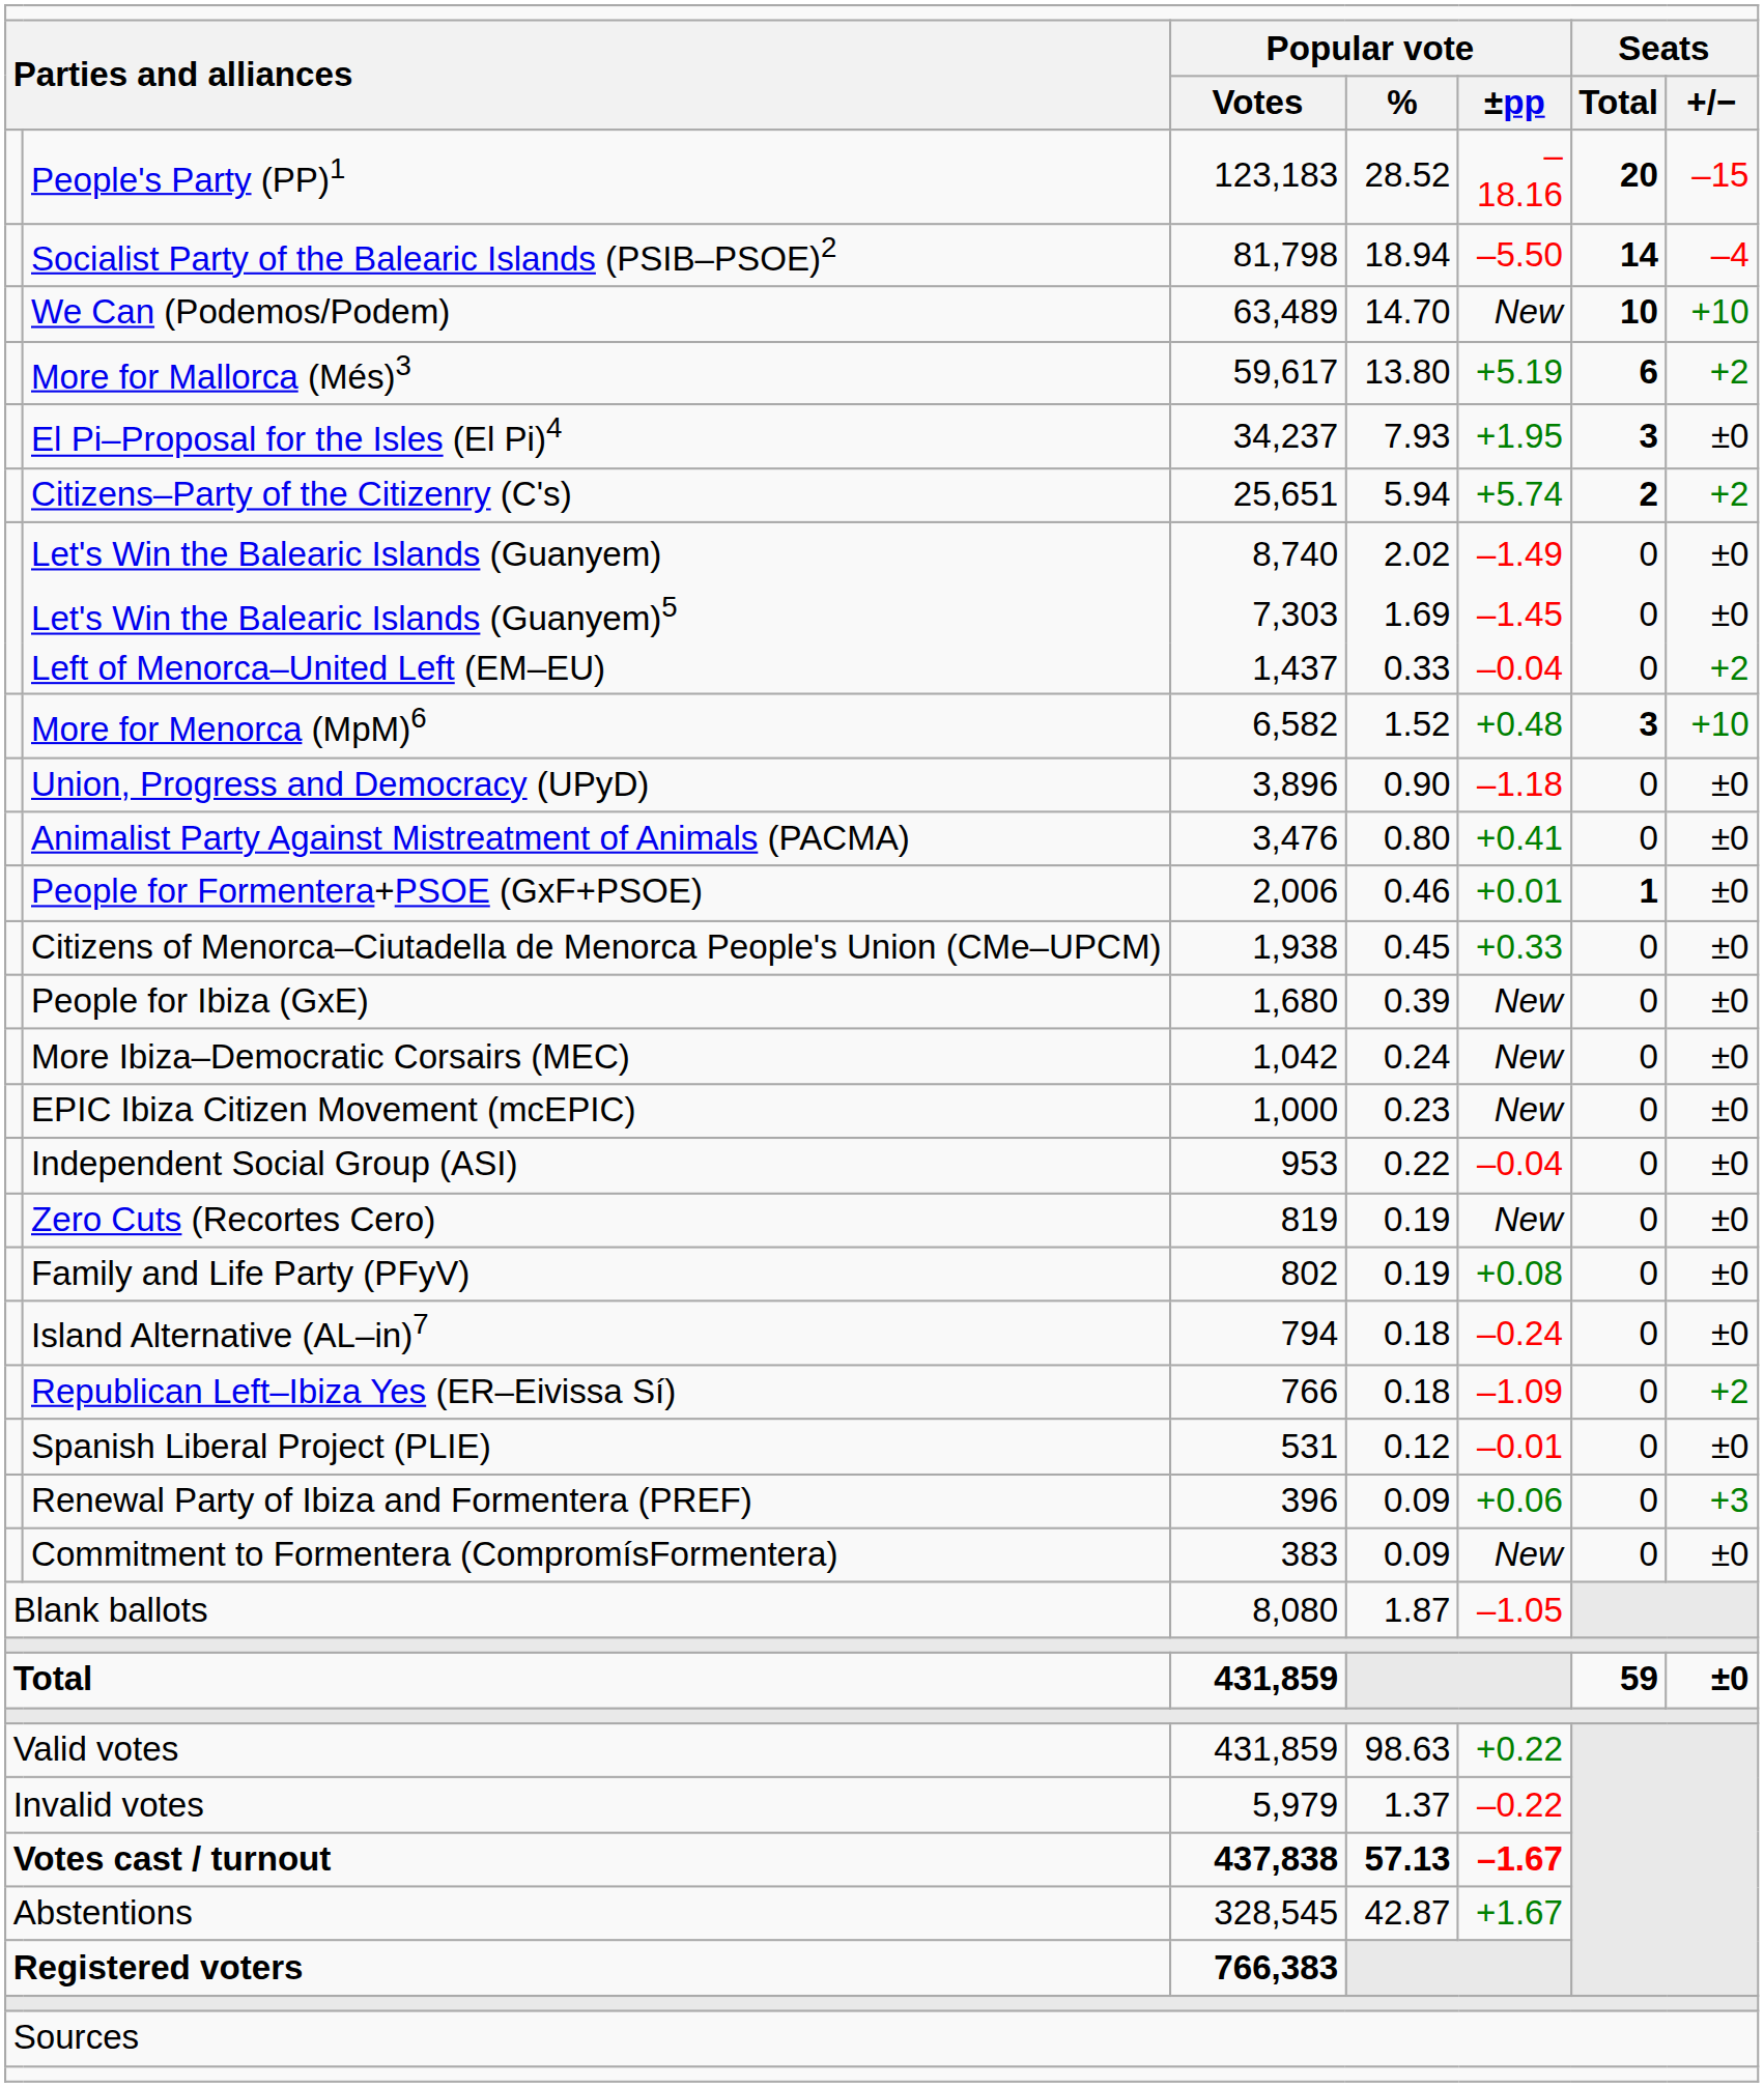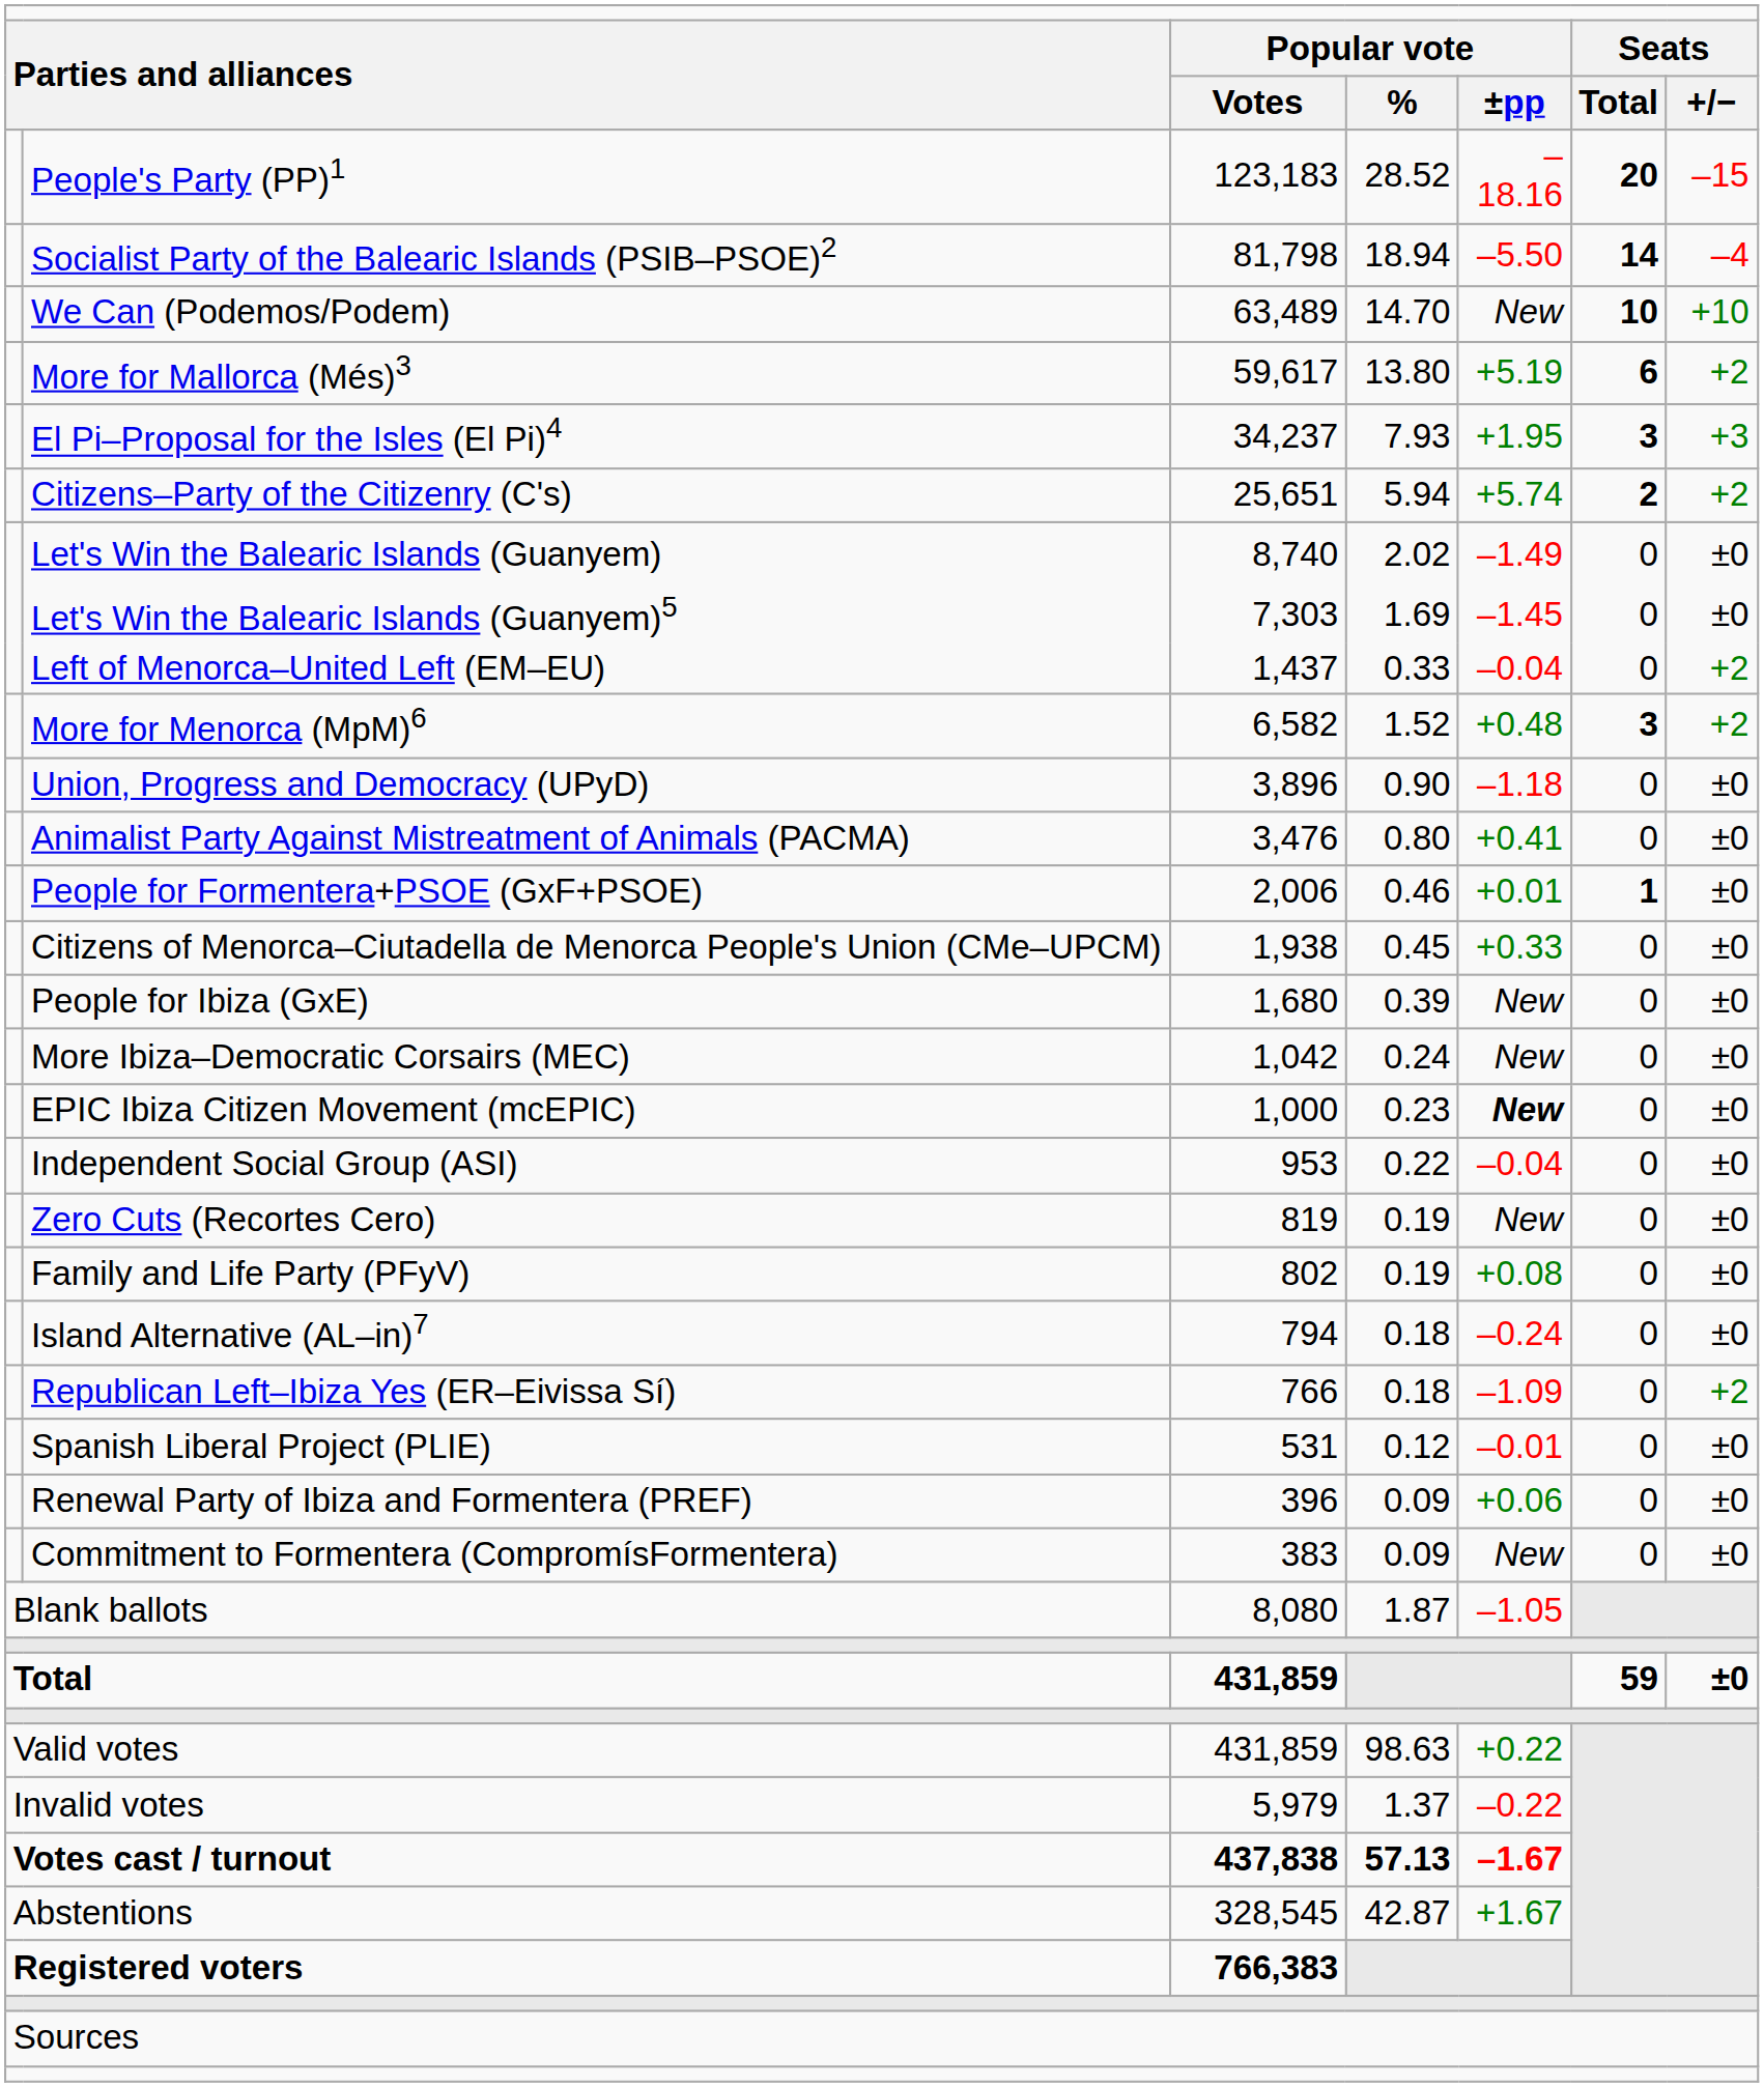 <table class="wikitable" style="text-align:right;">
 <tr>
 <td colspan="7"></td>
 </tr>
 <tr>
 <th style="text-align:left;" rowspan="2" colspan="2" width="525">Parties and alliances</th>
 <th colspan="3">Popular vote</th>
 <th colspan="2">Seats</th>
 </tr>
 <tr>
 <th width="75">Votes</th>
 <th width="45">%</th>
 <th width="45">±<a href='#'>pp</a></th>
 <th width="35">Total</th>
 <th width="35">+/−</th>
 </tr>
 <tr>
 <td width="1" style="color:inherit;background:"></td>
 <td align="left"><a href='#'>People's Party</a> (PP)<sup>1</sup></td>
 <td>123,183</td>
 <td>28.52</td>
 <td style="color:red;">–18.16</td>
 <td><strong>20</strong></td>
 <td style="color:red;">–15</td>
 </tr>
 <tr>
 <td style="color:inherit;background:"></td>
 <td align="left"><a href='#'>Socialist Party of the Balearic Islands</a> (PSIB–PSOE)<sup>2</sup></td>
 <td>81,798</td>
 <td>18.94</td>
 <td style="color:red;">–5.50</td>
 <td><strong>14</strong></td>
 <td style="color:red;">–4</td>
 </tr>
 <tr>
 <td style="color:inherit;background:"></td>
 <td align="left"><a href='#'>We Can</a> (Podemos/Podem)</td>
 <td>63,489</td>
 <td>14.70</td>
 <td><em>New</em></td>
 <td><strong>10</strong></td>
 <td style="color:green;">+10</td>
 </tr>
 <tr>
 <td style="color:inherit;background:"></td>
 <td align="left"><a href='#'>More for Mallorca</a> (Més)<sup>3</sup></td>
 <td>59,617</td>
 <td>13.80</td>
 <td style="color:green;">+5.19</td>
 <td><strong>6</strong></td>
 <td style="color:green;">+2</td>
 </tr>
 <tr>
 <td style="color:inherit;background:"></td>
 <td align="left"><a href='#'>El Pi–Proposal for the Isles</a> (El Pi)<sup>4</sup></td>
 <td>34,237</td>
 <td>7.93</td>
 <td style="color:green;">+1.95</td>
 <td><strong>3</strong></td>
-<td>±0</td>
+<td style="color:green;">+3</td>
 </tr>
 <tr>
 <td style="color:inherit;background:"></td>
 <td align="left"><a href='#'>Citizens–Party of the Citizenry</a> (C's)</td>
 <td>25,651</td>
 <td>5.94</td>
 <td style="color:green;">+5.74</td>
 <td><strong>2</strong></td>
 <td style="color:green;">+2</td>
 </tr>
 <tr style="line-height:22px;">
 <td rowspan="3" style="color:inherit;background:"></td>
 <td align="left"><a href='#'>Let's Win the Balearic Islands</a> (Guanyem)</td>
 <td>8,740</td>
 <td>2.02</td>
 <td style="color:red;">–1.49</td>
 <td>0</td>
 <td>±0</td>
 </tr>
 <tr style="border-bottom-style:hidden; border-top-style:hidden; line-height:16px;">
 <td align="left"><span><a href='#'>Let's Win the Balearic Islands</a> (Guanyem)<sup>5</sup></span></td>
 <td>7,303</td>
 <td>1.69</td>
 <td style="color:red;">–1.45</td>
 <td>0</td>
 <td>±0</td>
 </tr>
 <tr style="line-height:16px;">
 <td align="left"><span><a href='#'>Left of Menorca–United Left</a> (EM–EU)</span></td>
 <td>1,437</td>
 <td>0.33</td>
 <td style="color:red;">–0.04</td>
 <td>0</td>
 <td style="color:green;">+2</td>
 </tr>
 <tr>
 <td style="color:inherit;background:"></td>
 <td align="left"><a href='#'>More for Menorca</a> (MpM)<sup>6</sup></td>
 <td>6,582</td>
 <td>1.52</td>
 <td style="color:green;">+0.48</td>
 <td><strong>3</strong></td>
-<td style="color:green;">+10</td>
+<td style="color:green;">+2</td>
 </tr>
 <tr>
 <td style="color:inherit;background:"></td>
 <td align="left"><a href='#'>Union, Progress and Democracy</a> (UPyD)</td>
 <td>3,896</td>
 <td>0.90</td>
 <td style="color:red;">–1.18</td>
 <td>0</td>
 <td>±0</td>
 </tr>
 <tr>
 <td style="color:inherit;background:"></td>
 <td align="left"><a href='#'>Animalist Party Against Mistreatment of Animals</a> (PACMA)</td>
 <td>3,476</td>
 <td>0.80</td>
 <td style="color:green;">+0.41</td>
 <td>0</td>
 <td>±0</td>
 </tr>
 <tr>
 <td style="color:inherit;background:"></td>
 <td align="left"><a href='#'>People for Formentera</a>+<a href='#'>PSOE</a> (GxF+PSOE)</td>
 <td>2,006</td>
 <td>0.46</td>
 <td style="color:green;">+0.01</td>
 <td><strong>1</strong></td>
 <td>±0</td>
 </tr>
 <tr>
 <td style="color:inherit;background:"></td>
 <td align="left">Citizens of Menorca–Ciutadella de Menorca People's Union (CMe–UPCM)</td>
 <td>1,938</td>
 <td>0.45</td>
 <td style="color:green;">+0.33</td>
 <td>0</td>
 <td>±0</td>
 </tr>
 <tr>
 <td style="color:inherit;background:"></td>
 <td align="left">People for Ibiza (GxE)</td>
 <td>1,680</td>
 <td>0.39</td>
 <td><em>New</em></td>
 <td>0</td>
 <td>±0</td>
 </tr>
 <tr>
 <td style="color:inherit;background:"></td>
 <td align="left">More Ibiza–Democratic Corsairs (MEC)</td>
 <td>1,042</td>
 <td>0.24</td>
 <td><em>New</em></td>
 <td>0</td>
 <td>±0</td>
 </tr>
 <tr>
 <td style="color:inherit;background:"></td>
 <td align="left">EPIC Ibiza Citizen Movement (mcEPIC)</td>
 <td>1,000</td>
 <td>0.23</td>
-<td><em>New</em></td>
+<td><strong><em>New</em></strong></td>
 <td>0</td>
 <td>±0</td>
 </tr>
 <tr>
 <td style="color:inherit;background:"></td>
 <td align="left">Independent Social Group (ASI)</td>
 <td>953</td>
 <td>0.22</td>
 <td style="color:red;">–0.04</td>
 <td>0</td>
 <td>±0</td>
 </tr>
 <tr>
 <td style="color:inherit;background:"></td>
 <td align="left"><a href='#'>Zero Cuts</a> (Recortes Cero)</td>
 <td>819</td>
 <td>0.19</td>
 <td><em>New</em></td>
 <td>0</td>
 <td>±0</td>
 </tr>
 <tr>
 <td style="color:inherit;background:"></td>
 <td align="left">Family and Life Party (PFyV)</td>
 <td>802</td>
 <td>0.19</td>
 <td style="color:green;">+0.08</td>
 <td>0</td>
 <td>±0</td>
 </tr>
 <tr>
 <td style="color:inherit;background:"></td>
 <td align="left">Island Alternative (AL–in)<sup>7</sup></td>
 <td>794</td>
 <td>0.18</td>
 <td style="color:red;">–0.24</td>
 <td>0</td>
 <td>±0</td>
 </tr>
 <tr>
 <td style="color:inherit;background:"></td>
 <td align="left"><a href='#'>Republican Left–Ibiza Yes</a> (ER–Eivissa Sí)</td>
 <td>766</td>
 <td>0.18</td>
 <td style="color:red;">–1.09</td>
 <td>0</td>
 <td style="color:green;">+2</td>
 </tr>
 <tr>
 <td style="color:inherit;background:"></td>
 <td align="left">Spanish Liberal Project (PLIE)</td>
 <td>531</td>
 <td>0.12</td>
 <td style="color:red;">–0.01</td>
 <td>0</td>
 <td>±0</td>
 </tr>
 <tr>
 <td style="color:inherit;background:"></td>
 <td align="left">Renewal Party of Ibiza and Formentera (PREF)</td>
 <td>396</td>
 <td>0.09</td>
 <td style="color:green;">+0.06</td>
 <td>0</td>
-<td style="color:green;">+3</td>
+<td>±0</td>
 </tr>
 <tr>
 <td style="color:inherit;background:"></td>
 <td align="left">Commitment to Formentera (CompromísFormentera)</td>
 <td>383</td>
 <td>0.09</td>
 <td><em>New</em></td>
 <td>0</td>
 <td>±0</td>
 </tr>
 <tr>
 <td align="left" colspan="2">Blank ballots</td>
 <td>8,080</td>
 <td>1.87</td>
 <td style="color:red;">–1.05</td>
 <td bgcolor="#E9E9E9" colspan="2"></td>
 </tr>
 <tr>
 <td colspan="7" bgcolor="#E9E9E9"></td>
 </tr>
 <tr style="font-weight:bold;">
 <td align="left" colspan="2">Total</td>
 <td>431,859</td>
 <td bgcolor="#E9E9E9" colspan="2"></td>
 <td>59</td>
 <td>±0</td>
 </tr>
 <tr>
 <td colspan="7" bgcolor="#E9E9E9"></td>
 </tr>
 <tr>
 <td align="left" colspan="2">Valid votes</td>
 <td>431,859</td>
 <td>98.63</td>
 <td style="color:green;">+0.22</td>
 <td bgcolor="#E9E9E9" colspan="2" rowspan="5"></td>
 </tr>
 <tr>
 <td align="left" colspan="2">Invalid votes</td>
 <td>5,979</td>
 <td>1.37</td>
 <td style="color:red;">–0.22</td>
 </tr>
 <tr style="font-weight:bold;">
 <td align="left" colspan="2">Votes cast / turnout</td>
 <td>437,838</td>
 <td>57.13</td>
 <td style="color:red;">–1.67</td>
 </tr>
 <tr>
 <td align="left" colspan="2">Abstentions</td>
 <td>328,545</td>
 <td>42.87</td>
 <td style="color:green;">+1.67</td>
 </tr>
 <tr style="font-weight:bold;">
 <td align="left" colspan="2">Registered voters</td>
 <td>766,383</td>
 <td bgcolor="#E9E9E9" colspan="2"></td>
 </tr>
 <tr>
 <td colspan="7" bgcolor="#E9E9E9"></td>
 </tr>
 <tr>
 <td align="left" colspan="7">Sources</td>
 </tr>
 <tr>
 <td colspan="7" style="text-align:left; max-width:790px;"></td>
 </tr>
 </table>
